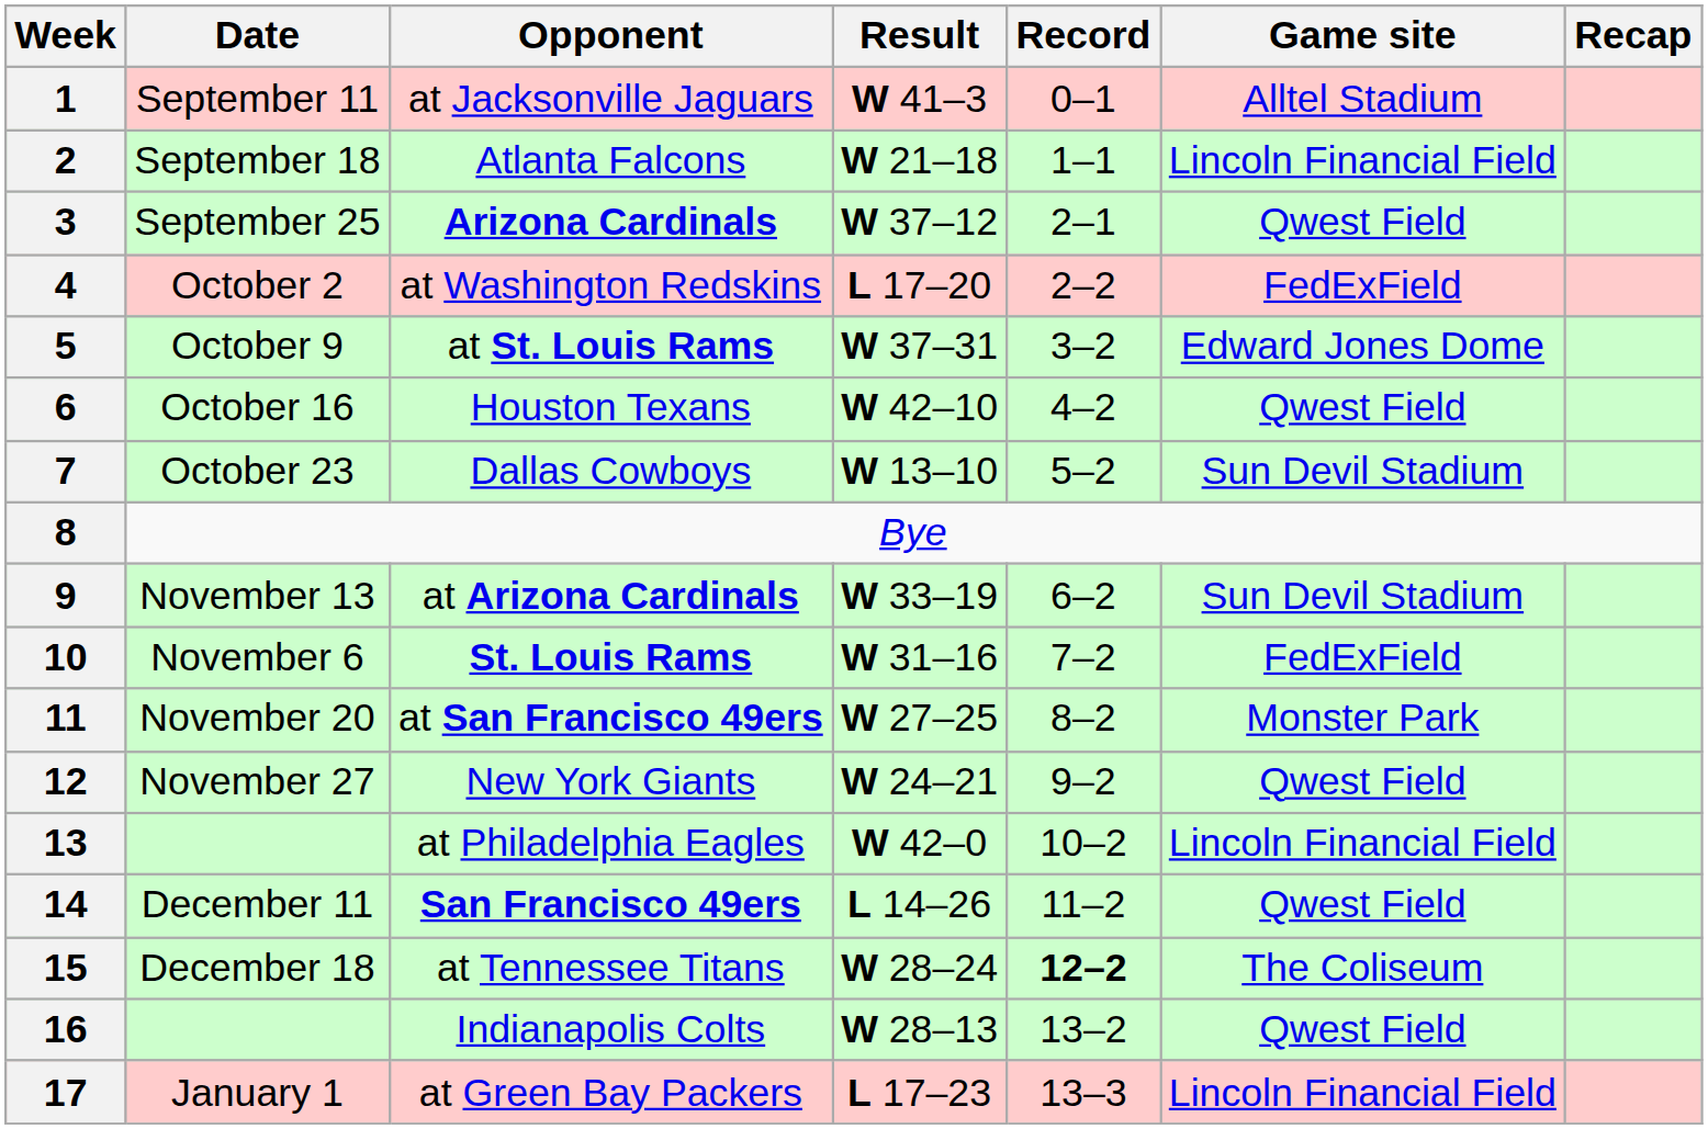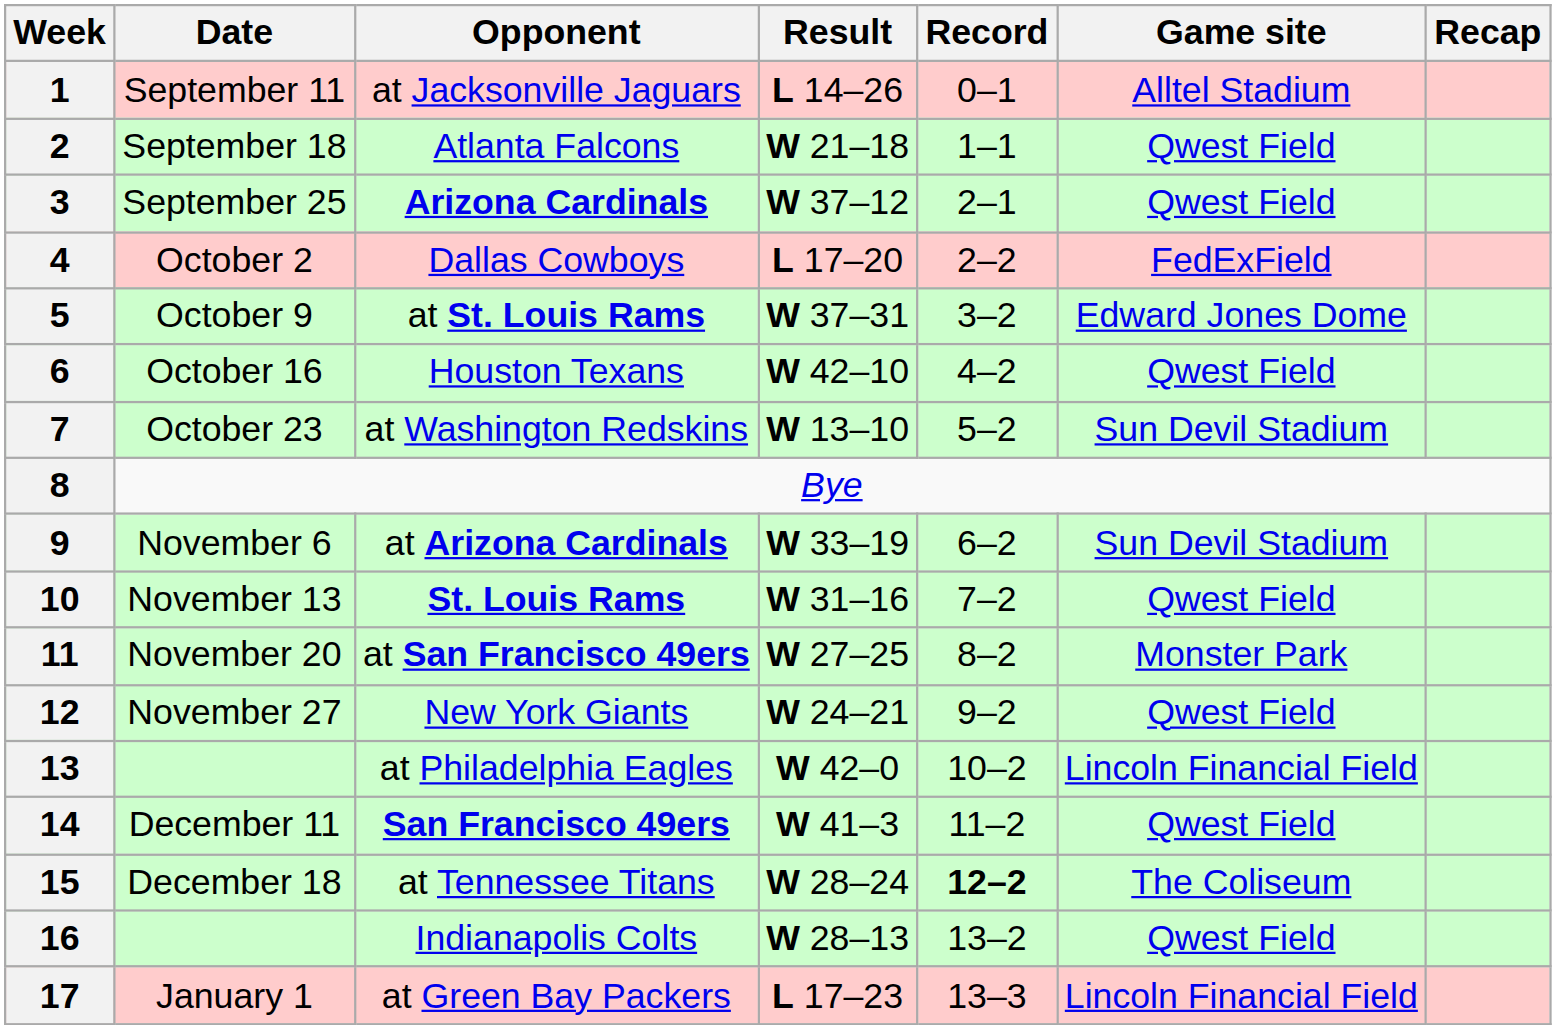 <table class="wikitable" style="text-align:center">
 <tr>
 <th>Week</th>
 <th>Date</th>
 <th>Opponent</th>
 <th>Result</th>
 <th>Record</th>
 <th>Game site</th>
 <th>Recap</th>
 </tr>
 <tr style="background:#fcc">
 <th>1</th>
 <td>September 11</td>
 <td>at <a href='#'>Jacksonville Jaguars</a></td>
-<td><strong>W</strong> 41–3</td>
+<td><strong>L</strong> 14–26</td>
 <td>0–1</td>
 <td><a href='#'>Alltel Stadium</a></td>
 <td></td>
 </tr>
 <tr style="background:#cfc">
 <th>2</th>
 <td>September 18</td>
 <td><a href='#'>Atlanta Falcons</a></td>
 <td><strong>W</strong> 21–18</td>
 <td>1–1</td>
-<td><a href='#'>Lincoln Financial Field</a></td>
+<td><a href='#'>Qwest Field</a></td>
 <td></td>
 </tr>
 <tr style="background:#cfc">
 <th>3</th>
 <td>September 25</td>
 <td><strong><a href='#'>Arizona Cardinals</a></strong></td>
 <td><strong>W</strong> 37–12</td>
 <td>2–1</td>
 <td><a href='#'>Qwest Field</a></td>
 <td></td>
 </tr>
 <tr style="background:#fcc">
 <th>4</th>
 <td>October 2</td>
-<td>at <a href='#'>Washington Redskins</a></td>
+<td><a href='#'>Dallas Cowboys</a></td>
 <td><strong>L</strong> 17–20 </td>
 <td>2–2</td>
 <td><a href='#'>FedExField</a></td>
 <td></td>
 </tr>
 <tr style="background:#cfc">
 <th>5</th>
 <td>October 9</td>
 <td>at <strong><a href='#'>St. Louis Rams</a></strong></td>
 <td><strong>W</strong> 37–31</td>
 <td>3–2</td>
 <td><a href='#'>Edward Jones Dome</a></td>
 <td></td>
 </tr>
 <tr style="background:#cfc">
 <th>6</th>
 <td>October 16</td>
 <td><a href='#'>Houston Texans</a></td>
 <td><strong>W</strong> 42–10</td>
 <td>4–2</td>
 <td><a href='#'>Qwest Field</a></td>
 <td></td>
 </tr>
 <tr style="background:#cfc">
 <th>7</th>
 <td>October 23</td>
-<td><a href='#'>Dallas Cowboys</a></td>
+<td>at <a href='#'>Washington Redskins</a></td>
 <td><strong>W</strong> 13–10</td>
 <td>5–2</td>
 <td><a href='#'>Sun Devil Stadium</a></td>
 <td></td>
 </tr>
 <tr>
 <th>8</th>
 <td colspan="6"><em><a href='#'>Bye</a></em></td>
 </tr>
 <tr style="background:#cfc">
 <th>9</th>
-<td>November 13</td>
+<td>November 6</td>
 <td>at <strong><a href='#'>Arizona Cardinals</a></strong></td>
 <td><strong>W</strong> 33–19</td>
 <td>6–2</td>
 <td><a href='#'>Sun Devil Stadium</a></td>
 <td></td>
 </tr>
 <tr style="background:#cfc">
 <th>10</th>
-<td>November 6</td>
+<td>November 13</td>
 <td><strong><a href='#'>St. Louis Rams</a></strong></td>
 <td><strong>W</strong> 31–16</td>
 <td>7–2</td>
-<td><a href='#'>FedExField</a></td>
+<td><a href='#'>Qwest Field</a></td>
 <td></td>
 </tr>
 <tr style="background:#cfc">
 <th>11</th>
 <td>November 20</td>
 <td>at <strong><a href='#'>San Francisco 49ers</a></strong></td>
 <td><strong>W</strong> 27–25</td>
 <td>8–2</td>
 <td><a href='#'>Monster Park</a></td>
 <td></td>
 </tr>
 <tr style="background:#cfc">
 <th>12</th>
 <td>November 27</td>
 <td><a href='#'>New York Giants</a></td>
 <td><strong>W</strong> 24–21 </td>
 <td>9–2</td>
 <td><a href='#'>Qwest Field</a></td>
 <td></td>
 </tr>
 <tr style="background:#cfc">
 <th>13</th>
 <td></td>
 <td>at <a href='#'>Philadelphia Eagles</a></td>
 <td><strong>W</strong> 42–0</td>
 <td>10–2</td>
 <td><a href='#'>Lincoln Financial Field</a></td>
 <td></td>
 </tr>
 <tr style="background:#cfc">
 <th>14</th>
 <td>December 11</td>
 <td><strong><a href='#'>San Francisco 49ers</a></strong></td>
-<td><strong>L</strong> 14–26</td>
+<td><strong>W</strong> 41–3</td>
 <td>11–2</td>
 <td><a href='#'>Qwest Field</a></td>
 <td></td>
 </tr>
 <tr style="background:#cfc">
 <th>15</th>
 <td>December 18</td>
 <td>at <a href='#'>Tennessee Titans</a></td>
 <td><strong>W</strong> 28–24</td>
 <td><strong>12–2</strong></td>
 <td><a href='#'>The Coliseum</a></td>
 <td></td>
 </tr>
 <tr style="background:#cfc">
 <th>16</th>
 <td></td>
 <td><a href='#'>Indianapolis Colts</a></td>
 <td><strong>W</strong> 28–13</td>
 <td>13–2</td>
 <td><a href='#'>Qwest Field</a></td>
 <td></td>
 </tr>
 <tr style="background:#fcc">
 <th>17</th>
 <td>January 1</td>
 <td>at <a href='#'>Green Bay Packers</a></td>
 <td><strong>L</strong> 17–23</td>
 <td>13–3</td>
 <td><a href='#'>Lincoln Financial Field</a></td>
 <td></td>
 </tr>
 </table>
